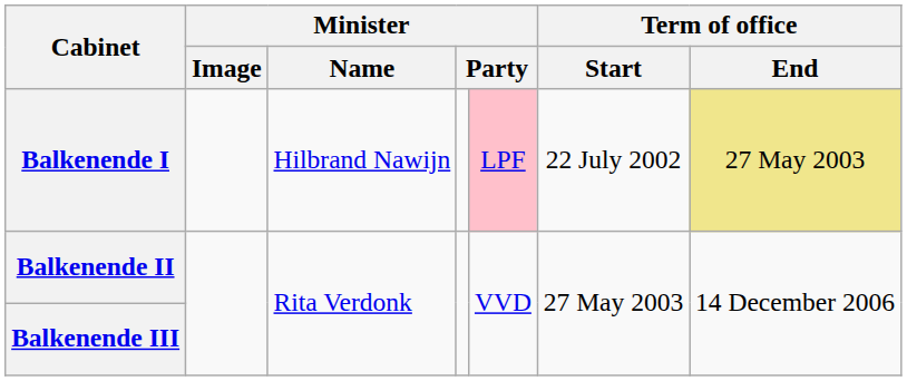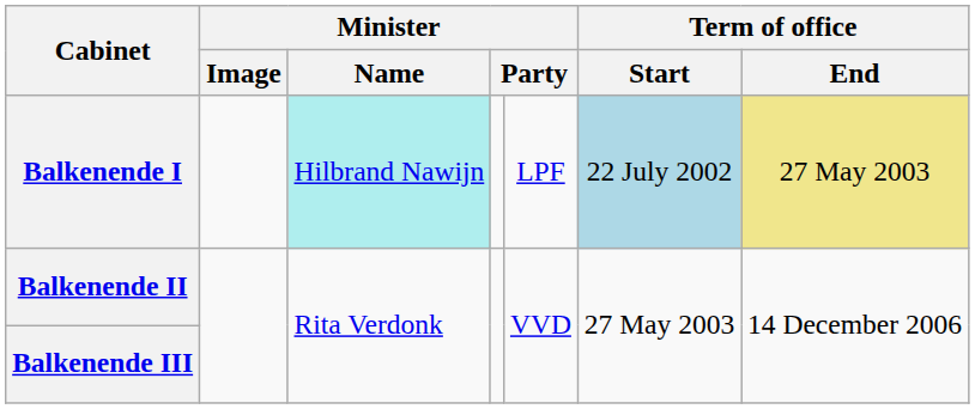 <table class="wikitable plainrowheaders">
 <tr>
 <th rowspan="2">Cabinet</th>
 <th colspan="4">Minister</th>
 <th colspan="2">Term of office</th>
 </tr>
 <tr>
 <th width="1px">Image</th>
 <th>Name</th>
 <th colspan="2">Party</th>
 <th>Start</th>
 <th>End</th>
 </tr>
 <tr>
 <th scope="row"><a href='#'>Balkenende I</a></th>
 <td height="80px"></td>
-<td><a href='#'>Hilbrand Nawijn</a></td>
+<td style="background: paleturquoise;"><a href='#'>Hilbrand Nawijn</a></td>
 <td style="background:"></td>
-<td style="background: pink; text-align:center"><a href='#'>LPF</a></td>
-<td style="text-align:center">22 July 2002</td>
+<td style="text-align:center"><a href='#'>LPF</a></td>
+<td style="background: lightblue; text-align:center">22 July 2002</td>
 <td style="background: khaki; text-align:center">27 May 2003</td>
 </tr>
 <tr>
 <th scope="row"><a href='#'>Balkenende II</a></th>
 <td rowspan="2" height="80px"></td>
 <td rowspan="2"><a href='#'>Rita Verdonk</a></td>
 <td rowspan="2" style="background:"></td>
 <td rowspan="2" style="text-align:center"><a href='#'>VVD</a></td>
 <td rowspan="2" style="text-align:center">27 May 2003</td>
 <td rowspan="2" style="text-align:center">14 December 2006</td>
 </tr>
 <tr>
 <th scope="row"><a href='#'>Balkenende III</a></th>
 </tr>
 </table>
